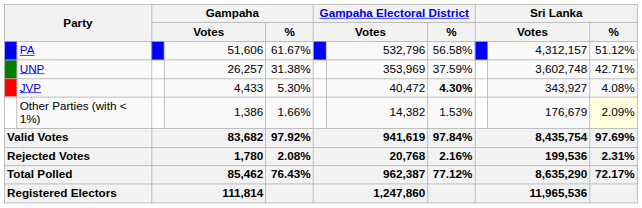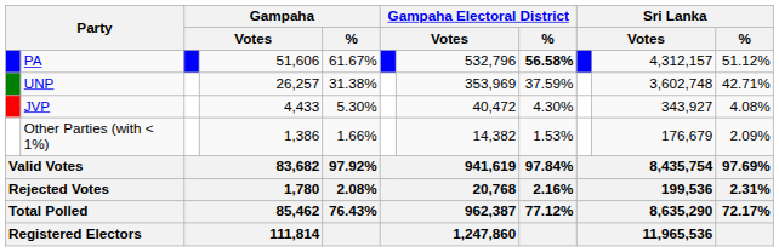 <table class="wikitable">
 <tr>
 <th colspan="2" width="144px"rowspan="2">Party</th>
 <th colspan="3" width="216px">Gampaha</th>
 <th colspan="3" width="216px"><a href='#'>Gampaha Electoral District</a></th>
 <th colspan="3" width="216px">Sri Lanka</th>
 </tr>
 <tr>
 <th colspan="2" width="144px">Votes</th>
 <th>%</th>
 <th colspan="2" width="144px">Votes</th>
 <th>%</th>
 <th colspan="2" width="144px">Votes</th>
 <th>%</th>
 </tr>
 <tr>
 <td style="background-color:blue;" width="10px"></td>
 <td style="text-align:left;"><a href='#'>PA</a></td>
 <td style="background-color:blue;" width="10px"></td>
 <td style="text-align:right;">51,606</td>
 <td style="text-align:right;">61.67%</td>
 <td style="background-color:blue;" width="10px"></td>
 <td style="text-align:right;">532,796</td>
-<td style="text-align:right;">56.58%</td>
+<td style="text-align:right;"><strong>56.58%</strong></td>
 <td style="background-color:blue;" width="10px"></td>
 <td style="text-align:right;">4,312,157</td>
 <td style="text-align:right;">51.12%</td>
 </tr>
 <tr>
 <td style="background-color:green;" width="10px"></td>
 <td style="text-align:left;"><a href='#'>UNP</a></td>
 <td style="background-color:white;" width="10px"></td>
 <td style="text-align:right;">26,257</td>
 <td style="text-align:right;">31.38%</td>
 <td style="background-color:white;" width="10px"></td>
 <td style="text-align:right;">353,969</td>
 <td style="text-align:right;">37.59%</td>
 <td style="background-color:white;" width="10px"></td>
 <td style="text-align:right;">3,602,748</td>
 <td style="text-align:right;">42.71%</td>
 </tr>
 <tr>
 <td style="background-color:red;" width="10px"></td>
 <td style="text-align:left;"><a href='#'>JVP</a></td>
 <td style="background-color:white;" width="10px"></td>
 <td style="text-align:right;">4,433</td>
 <td style="text-align:right;">5.30%</td>
 <td style="background-color:white;" width="10px"></td>
 <td style="text-align:right;">40,472</td>
-<td style="text-align:right;"><strong>4.30%</strong></td>
+<td style="text-align:right;">4.30%</td>
 <td style="background-color:white;" width="10px"></td>
 <td style="text-align:right;">343,927</td>
 <td style="text-align:right;">4.08%</td>
 </tr>
 <tr>
 <td style="background-color:white;" width="10px"></td>
 <td style="text-align:left;">Other Parties (with < 1%)</td>
 <td style="background-color:white;" width="10px"></td>
 <td style="text-align:right;">1,386</td>
 <td style="text-align:right;">1.66%</td>
 <td style="background-color:white;" width="10px"></td>
 <td style="text-align:right;">14,382</td>
 <td style="text-align:right;">1.53%</td>
 <td style="background-color:white;" width="10px"></td>
 <td style="text-align:right;">176,679</td>
-<td style="background: lightyellow; text-align:right;">2.09%</td>
+<td style="text-align:right;">2.09%</td>
 </tr>
 <tr>
 <th colspan="2" width="144px"style="text-align:left;">Valid Votes</th>
 <th style="text-align:right;"colspan="2" width="144px">83,682</th>
 <th style="text-align:right;">97.92%</th>
 <th style="text-align:right;"colspan="2" width="144px">941,619</th>
 <th style="text-align:right;">97.84%</th>
 <th style="text-align:right;"colspan="2" width="144px">8,435,754</th>
 <th style="text-align:right;">97.69%</th>
 </tr>
 <tr>
 <th colspan="2" width="144px"style="text-align:left;">Rejected Votes</th>
 <th style="text-align:right;"colspan="2" width="144px">1,780</th>
 <th style="text-align:right;">2.08%</th>
 <th style="text-align:right;"colspan="2" width="144px">20,768</th>
 <th style="text-align:right;">2.16%</th>
 <th style="text-align:right;"colspan="2" width="144px">199,536</th>
 <th style="text-align:right;">2.31%</th>
 </tr>
 <tr>
 <th colspan="2" width="144px"style="text-align:left;">Total Polled</th>
 <th style="text-align:right;"colspan="2" width="144px">85,462</th>
 <th style="text-align:right;">76.43%</th>
 <th style="text-align:right;"colspan="2" width="144px">962,387</th>
 <th style="text-align:right;">77.12%</th>
 <th style="text-align:right;"colspan="2" width="144px">8,635,290</th>
 <th style="text-align:right;">72.17%</th>
 </tr>
 <tr>
 <th colspan="2" width="144px"style="text-align:left;">Registered Electors</th>
 <th style="text-align:right;"colspan="2" width="144px">111,814</th>
 <th></th>
 <th style="text-align:right;"colspan="2" width="144px">1,247,860</th>
 <th></th>
 <th style="text-align:right;"colspan="2" width="144px">11,965,536</th>
 <th></th>
 </tr>
 </table>
